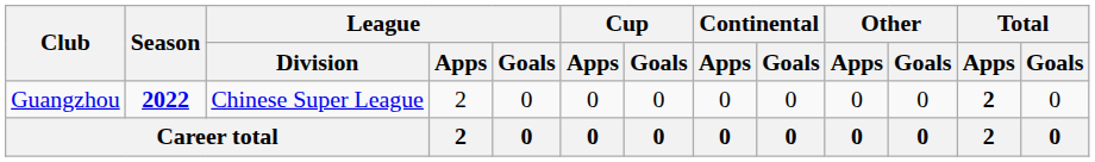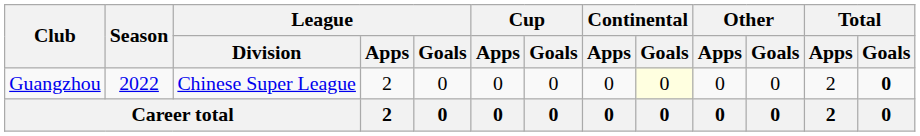 <table class="wikitable" style="text-align: center;">
 <tr>
 <th rowspan=2>Club</th>
 <th rowspan=2>Season</th>
 <th colspan=3>League</th>
 <th colspan=2>Cup</th>
 <th colspan=2>Continental</th>
 <th colspan=2>Other</th>
 <th colspan=2>Total</th>
 </tr>
 <tr>
 <th>Division</th>
 <th>Apps</th>
 <th>Goals</th>
 <th>Apps</th>
 <th>Goals</th>
 <th>Apps</th>
 <th>Goals</th>
 <th>Apps</th>
 <th>Goals</th>
 <th>Apps</th>
 <th>Goals</th>
 </tr>
 <tr>
 <td><a href='#'>Guangzhou</a></td>
-<td><strong><a href='#'>2022</a></strong></td>
+<td><a href='#'>2022</a></td>
 <td><a href='#'>Chinese Super League</a></td>
 <td>2</td>
 <td>0</td>
 <td>0</td>
 <td>0</td>
 <td>0</td>
+<td style="background: lightyellow;">0</td>
 <td>0</td>
 <td>0</td>
-<td>0</td>
-<td><strong>2</strong></td>
-<td>0</td>
+<td>2</td>
+<td><strong>0</strong></td>
 </tr>
 <tr>
 <th colspan=3>Career total</th>
 <th>2</th>
 <th>0</th>
 <th>0</th>
 <th>0</th>
 <th>0</th>
 <th>0</th>
 <th>0</th>
 <th>0</th>
 <th>2</th>
 <th>0</th>
 </tr>
 </table>
